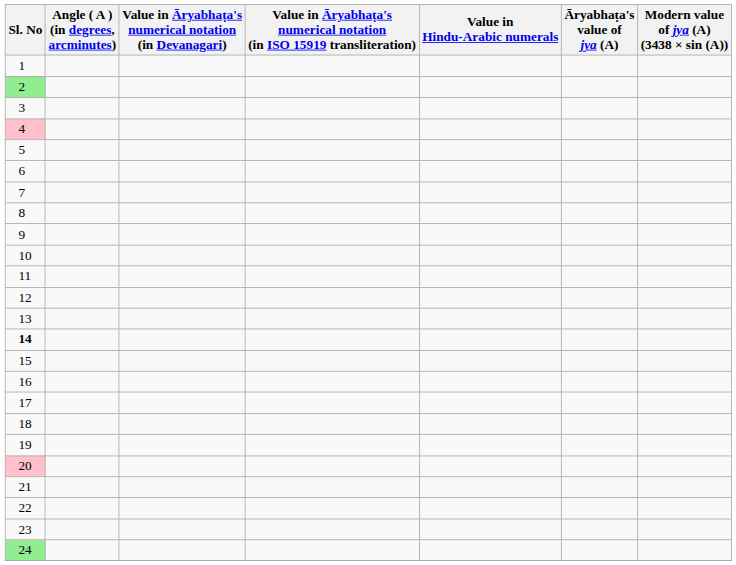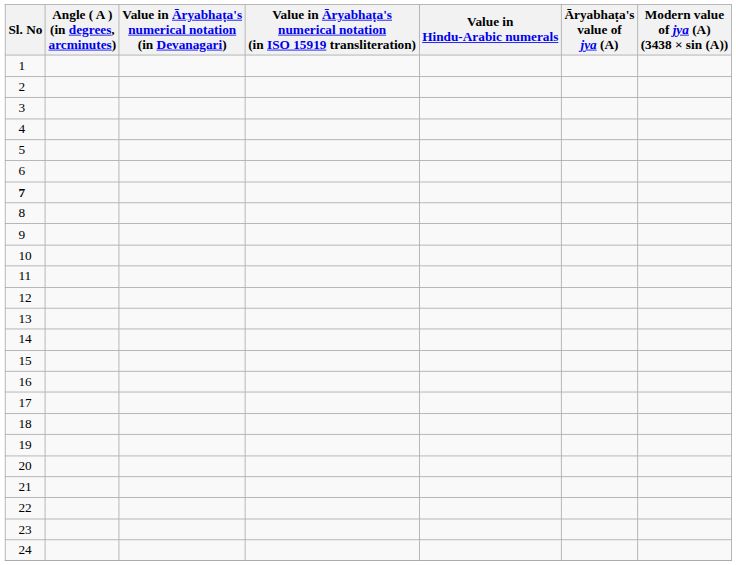 <table class="wikitable" style="margin: 1em auto 1em auto;">
 <tr>
 <th>Sl. No</th>
 <th>Angle ( A )<br>(in <a href='#'>degrees</a>,<br><a href='#'>arcminutes</a>)</th>
 <th>Value in <a href='#'>Āryabhaṭa's<br>numerical notation</a> <br>(in <a href='#'>Devanagari</a>)</th>
 <th>Value in <a href='#'>Āryabhaṭa's<br>numerical notation</a> <br>(in <a href='#'>ISO 15919</a> transliteration)</th>
 <th>Value in <br> <a href='#'>Hindu-Arabic numerals</a></th>
 <th>Āryabhaṭa's <br>value of <br><em><a href='#'>jya</a></em> (A)</th>
 <th>Modern value <br>of <em><a href='#'>jya</a></em> (A)<br>(3438 × sin (A))</th>
 </tr>
 <tr>
 <td>   1</td>
 <td></td>
 <td></td>
 <td></td>
 <td></td>
 <td></td>
 <td></td>
 </tr>
 <tr>
-<td style="background: lightgreen;">   2</td>
+<td>   2</td>
 <td></td>
 <td></td>
 <td></td>
 <td></td>
 <td></td>
 <td></td>
 </tr>
 <tr>
 <td>   3</td>
 <td></td>
 <td></td>
 <td></td>
 <td></td>
 <td></td>
 <td></td>
 </tr>
 <tr>
-<td style="background: pink;">   4</td>
+<td>   4</td>
 <td></td>
 <td></td>
 <td></td>
 <td></td>
 <td></td>
 <td></td>
 </tr>
 <tr>
 <td>   5</td>
 <td></td>
 <td></td>
 <td></td>
 <td></td>
 <td></td>
 <td></td>
 </tr>
 <tr>
 <td>   6</td>
 <td></td>
 <td></td>
 <td></td>
 <td></td>
 <td></td>
 <td></td>
 </tr>
 <tr>
-<td>   7</td>
+<td><strong>   7</strong></td>
 <td></td>
 <td></td>
 <td></td>
 <td></td>
 <td></td>
 <td></td>
 </tr>
 <tr>
 <td>   8</td>
 <td></td>
 <td></td>
 <td></td>
 <td></td>
 <td></td>
 <td></td>
 </tr>
 <tr>
 <td>   9</td>
 <td></td>
 <td></td>
 <td></td>
 <td></td>
 <td></td>
 <td></td>
 </tr>
 <tr>
 <td>   10</td>
 <td></td>
 <td></td>
 <td></td>
 <td></td>
 <td></td>
 <td></td>
 </tr>
 <tr>
 <td>   11</td>
 <td></td>
 <td></td>
 <td></td>
 <td></td>
 <td></td>
 <td></td>
 </tr>
 <tr>
 <td>   12</td>
 <td></td>
 <td></td>
 <td></td>
 <td></td>
 <td></td>
 <td></td>
 </tr>
 <tr>
 <td>   13</td>
 <td></td>
 <td></td>
 <td></td>
 <td></td>
 <td></td>
 <td></td>
 </tr>
 <tr>
-<td><strong>   14</strong></td>
+<td>   14</td>
 <td></td>
 <td></td>
 <td></td>
 <td></td>
 <td></td>
 <td></td>
 </tr>
 <tr>
 <td>   15</td>
 <td></td>
 <td></td>
 <td></td>
 <td></td>
 <td></td>
 <td></td>
 </tr>
 <tr>
 <td>   16</td>
 <td></td>
 <td></td>
 <td></td>
 <td></td>
 <td></td>
 <td></td>
 </tr>
 <tr>
 <td>   17</td>
 <td></td>
 <td></td>
 <td></td>
 <td></td>
 <td></td>
 <td></td>
 </tr>
 <tr>
 <td>   18</td>
 <td></td>
 <td></td>
 <td></td>
 <td></td>
 <td></td>
 <td></td>
 </tr>
 <tr>
 <td>   19</td>
 <td></td>
 <td></td>
 <td></td>
 <td></td>
 <td></td>
 <td></td>
 </tr>
 <tr>
-<td style="background: pink;">   20</td>
+<td>   20</td>
 <td></td>
 <td></td>
 <td></td>
 <td></td>
 <td></td>
 <td></td>
 </tr>
 <tr>
 <td>   21</td>
 <td></td>
 <td></td>
 <td></td>
 <td></td>
 <td></td>
 <td></td>
 </tr>
 <tr>
 <td>   22</td>
 <td></td>
 <td></td>
 <td></td>
 <td></td>
 <td></td>
 <td></td>
 </tr>
 <tr>
 <td>   23</td>
 <td></td>
 <td></td>
 <td></td>
 <td></td>
 <td></td>
 <td></td>
 </tr>
 <tr>
-<td style="background: lightgreen;">   24</td>
+<td>   24</td>
 <td></td>
 <td></td>
 <td></td>
 <td></td>
 <td></td>
 <td></td>
 </tr>
 <tr>
 </tr>
 </table>
